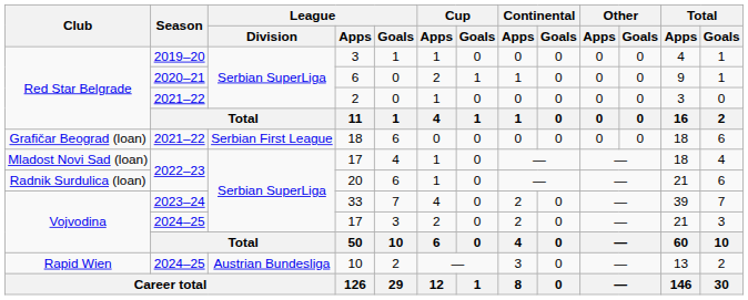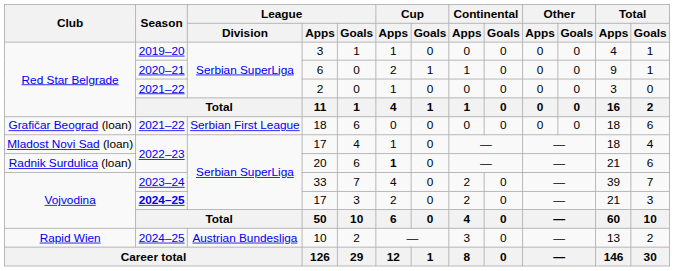 <table class="wikitable" style="text-align: center;font-size:90%">
 <tr>
 <th rowspan="2">Club</th>
 <th rowspan="2">Season</th>
 <th colspan="3">League</th>
 <th colspan="2">Cup</th>
 <th colspan="2">Continental</th>
 <th colspan="2">Other</th>
 <th colspan="2">Total</th>
 </tr>
 <tr>
 <th>Division</th>
 <th>Apps</th>
 <th>Goals</th>
 <th>Apps</th>
 <th>Goals</th>
 <th>Apps</th>
 <th>Goals</th>
 <th>Apps</th>
 <th>Goals</th>
 <th>Apps</th>
 <th>Goals</th>
 </tr>
 <tr>
 <td rowspan="4"><a href='#'>Red Star Belgrade</a></td>
 <td><a href='#'>2019–20</a></td>
 <td rowspan="3"><a href='#'>Serbian SuperLiga</a></td>
 <td>3</td>
 <td>1</td>
 <td>1</td>
 <td>0</td>
 <td>0</td>
 <td>0</td>
 <td>0</td>
 <td>0</td>
 <td>4</td>
 <td>1</td>
 </tr>
 <tr>
 <td><a href='#'>2020–21</a></td>
 <td>6</td>
 <td>0</td>
 <td>2</td>
 <td>1</td>
 <td>1</td>
 <td>0</td>
 <td>0</td>
 <td>0</td>
 <td>9</td>
 <td>1</td>
 </tr>
 <tr>
 <td><a href='#'>2021–22</a></td>
 <td>2</td>
 <td>0</td>
 <td>1</td>
 <td>0</td>
 <td>0</td>
 <td>0</td>
 <td>0</td>
 <td>0</td>
 <td>3</td>
 <td>0</td>
 </tr>
 <tr>
 <th colspan="2"><strong>Total</strong></th>
 <th>11</th>
 <th>1</th>
 <th>4</th>
 <th>1</th>
 <th>1</th>
 <th>0</th>
 <th>0</th>
 <th>0</th>
 <th>16</th>
 <th>2</th>
 </tr>
 <tr>
 <td><a href='#'>Grafičar Beograd</a> (loan)</td>
 <td><a href='#'>2021–22</a></td>
 <td><a href='#'>Serbian First League</a></td>
 <td>18</td>
 <td>6</td>
 <td>0</td>
 <td>0</td>
 <td>0</td>
 <td>0</td>
 <td>0</td>
 <td>0</td>
 <td>18</td>
 <td>6</td>
 </tr>
 <tr>
 <td><a href='#'>Mladost Novi Sad</a> (loan)</td>
 <td rowspan="2"><a href='#'>2022–23</a></td>
 <td rowspan="4"><a href='#'>Serbian SuperLiga</a></td>
 <td>17</td>
 <td>4</td>
 <td>1</td>
 <td>0</td>
 <td colspan="2">—</td>
 <td colspan="2">—</td>
 <td>18</td>
 <td>4</td>
 </tr>
 <tr>
 <td><a href='#'>Radnik Surdulica</a> (loan)</td>
 <td>20</td>
 <td>6</td>
-<td>1</td>
+<td><strong>1</strong></td>
 <td>0</td>
 <td colspan="2">—</td>
 <td colspan="2">—</td>
 <td>21</td>
 <td>6</td>
 </tr>
 <tr>
 <td rowspan="3"><a href='#'>Vojvodina</a></td>
 <td><a href='#'>2023–24</a></td>
 <td>33</td>
 <td>7</td>
 <td>4</td>
 <td>0</td>
 <td>2</td>
 <td>0</td>
 <td colspan="2">—</td>
 <td>39</td>
 <td>7</td>
 </tr>
 <tr>
-<td><a href='#'>2024–25</a></td>
+<td><strong><a href='#'>2024–25</a></strong></td>
 <td>17</td>
 <td>3</td>
 <td>2</td>
 <td>0</td>
 <td>2</td>
 <td>0</td>
 <td colspan="2">—</td>
 <td>21</td>
 <td>3</td>
 </tr>
 <tr>
 <th colspan="2">Total</th>
 <th>50</th>
 <th>10</th>
 <th>6</th>
 <th>0</th>
 <th>4</th>
 <th>0</th>
 <th colspan="2">—</th>
 <th>60</th>
 <th>10</th>
 </tr>
 <tr>
 <td><a href='#'>Rapid Wien</a></td>
 <td><a href='#'>2024–25</a></td>
 <td><a href='#'>Austrian Bundesliga</a></td>
 <td>10</td>
 <td>2</td>
 <td colspan="2">—</td>
 <td>3</td>
 <td>0</td>
 <td colspan="2">—</td>
 <td>13</td>
 <td>2</td>
 </tr>
 <tr>
 <th colspan="3">Career total</th>
 <th>126</th>
 <th>29</th>
 <th>12</th>
 <th>1</th>
 <th>8</th>
 <th>0</th>
 <th colspan="2">—</th>
 <th>146</th>
 <th>30</th>
 </tr>
 </table>
